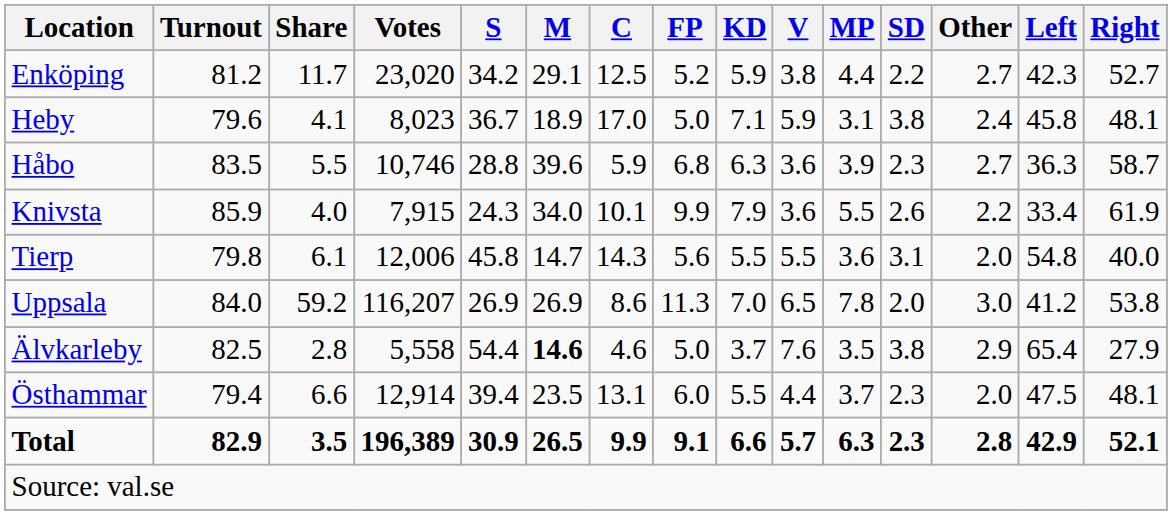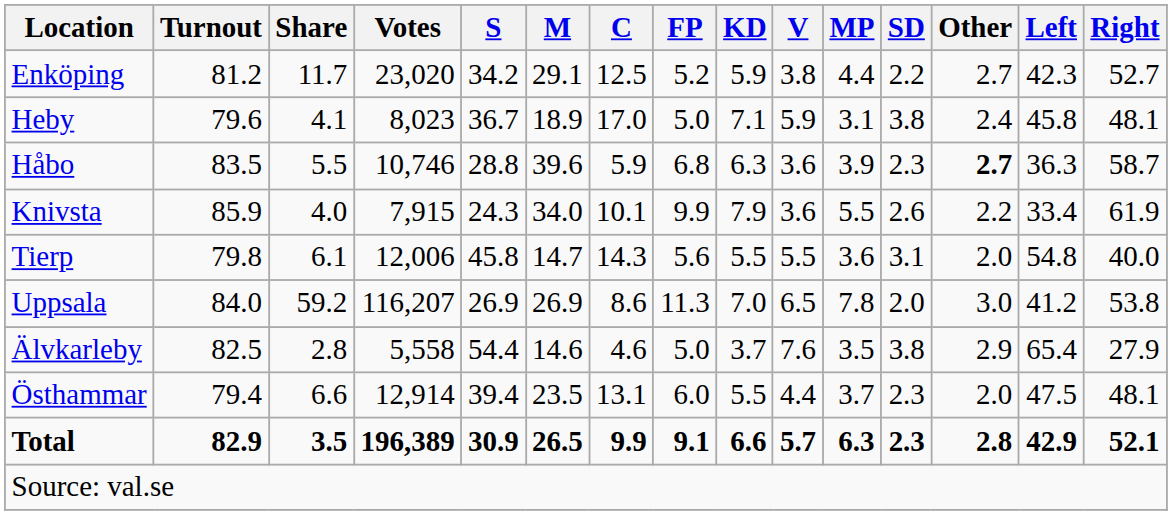 <table class="wikitable sortable" style=text-align:right>
 <tr>
 <th>Location</th>
 <th>Turnout</th>
 <th>Share</th>
 <th>Votes</th>
 <th><a href='#'>S</a></th>
 <th><a href='#'>M</a></th>
 <th><a href='#'>C</a></th>
 <th><a href='#'>FP</a></th>
 <th><a href='#'>KD</a></th>
 <th><a href='#'>V</a></th>
 <th><a href='#'>MP</a></th>
 <th><a href='#'>SD</a></th>
 <th>Other</th>
 <th><a href='#'>Left</a></th>
 <th><a href='#'>Right</a></th>
 </tr>
 <tr>
 <td align=left><a href='#'>Enköping</a></td>
 <td>81.2</td>
 <td>11.7</td>
 <td>23,020</td>
 <td>34.2</td>
 <td>29.1</td>
 <td>12.5</td>
 <td>5.2</td>
 <td>5.9</td>
 <td>3.8</td>
 <td>4.4</td>
 <td>2.2</td>
 <td>2.7</td>
 <td>42.3</td>
 <td>52.7</td>
 </tr>
 <tr>
 <td align=left><a href='#'>Heby</a></td>
 <td>79.6</td>
 <td>4.1</td>
 <td>8,023</td>
 <td>36.7</td>
 <td>18.9</td>
 <td>17.0</td>
 <td>5.0</td>
 <td>7.1</td>
 <td>5.9</td>
 <td>3.1</td>
 <td>3.8</td>
 <td>2.4</td>
 <td>45.8</td>
 <td>48.1</td>
 </tr>
 <tr>
 <td align=left><a href='#'>Håbo</a></td>
 <td>83.5</td>
 <td>5.5</td>
 <td>10,746</td>
 <td>28.8</td>
 <td>39.6</td>
 <td>5.9</td>
 <td>6.8</td>
 <td>6.3</td>
 <td>3.6</td>
 <td>3.9</td>
 <td>2.3</td>
-<td>2.7</td>
+<td><strong>2.7</strong></td>
 <td>36.3</td>
 <td>58.7</td>
 </tr>
 <tr>
 <td align=left><a href='#'>Knivsta</a></td>
 <td>85.9</td>
 <td>4.0</td>
 <td>7,915</td>
 <td>24.3</td>
 <td>34.0</td>
 <td>10.1</td>
 <td>9.9</td>
 <td>7.9</td>
 <td>3.6</td>
 <td>5.5</td>
 <td>2.6</td>
 <td>2.2</td>
 <td>33.4</td>
 <td>61.9</td>
 </tr>
 <tr>
 <td align=left><a href='#'>Tierp</a></td>
 <td>79.8</td>
 <td>6.1</td>
 <td>12,006</td>
 <td>45.8</td>
 <td>14.7</td>
 <td>14.3</td>
 <td>5.6</td>
 <td>5.5</td>
 <td>5.5</td>
 <td>3.6</td>
 <td>3.1</td>
 <td>2.0</td>
 <td>54.8</td>
 <td>40.0</td>
 </tr>
 <tr>
 <td align=left><a href='#'>Uppsala</a></td>
 <td>84.0</td>
 <td>59.2</td>
 <td>116,207</td>
 <td>26.9</td>
 <td>26.9</td>
 <td>8.6</td>
 <td>11.3</td>
 <td>7.0</td>
 <td>6.5</td>
 <td>7.8</td>
 <td>2.0</td>
 <td>3.0</td>
 <td>41.2</td>
 <td>53.8</td>
 </tr>
 <tr>
 <td align=left><a href='#'>Älvkarleby</a></td>
 <td>82.5</td>
 <td>2.8</td>
 <td>5,558</td>
 <td>54.4</td>
-<td><strong>14.6</strong></td>
+<td>14.6</td>
 <td>4.6</td>
 <td>5.0</td>
 <td>3.7</td>
 <td>7.6</td>
 <td>3.5</td>
 <td>3.8</td>
 <td>2.9</td>
 <td>65.4</td>
 <td>27.9</td>
 </tr>
 <tr>
 <td align=left><a href='#'>Östhammar</a></td>
 <td>79.4</td>
 <td>6.6</td>
 <td>12,914</td>
 <td>39.4</td>
 <td>23.5</td>
 <td>13.1</td>
 <td>6.0</td>
 <td>5.5</td>
 <td>4.4</td>
 <td>3.7</td>
 <td>2.3</td>
 <td>2.0</td>
 <td>47.5</td>
 <td>48.1</td>
 </tr>
 <tr>
 <td align=left><strong>Total</strong></td>
 <td><strong>82.9</strong></td>
 <td><strong>3.5</strong></td>
 <td><strong>196,389</strong></td>
 <td><strong>30.9</strong></td>
 <td><strong>26.5</strong></td>
 <td><strong>9.9</strong></td>
 <td><strong>9.1</strong></td>
 <td><strong>6.6</strong></td>
 <td><strong>5.7</strong></td>
 <td><strong>6.3</strong></td>
 <td><strong>2.3</strong></td>
 <td><strong>2.8</strong></td>
 <td><strong>42.9</strong></td>
 <td><strong>52.1</strong></td>
 </tr>
 <tr>
 <td align=left colspan=15>Source: val.se </td>
 </tr>
 </table>
